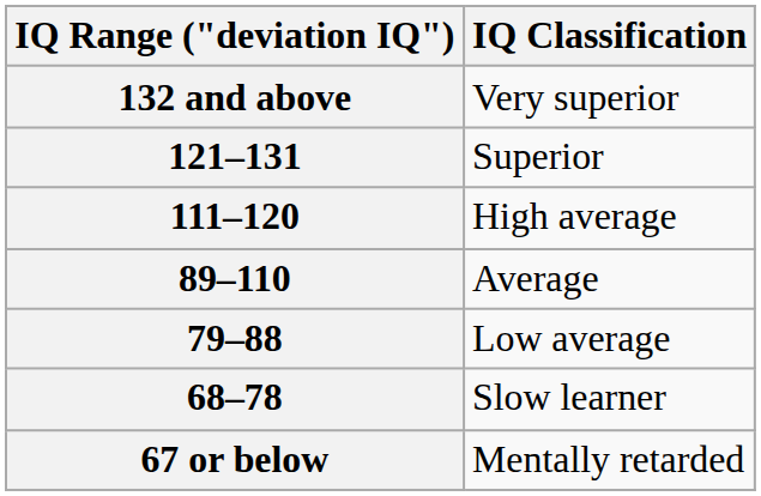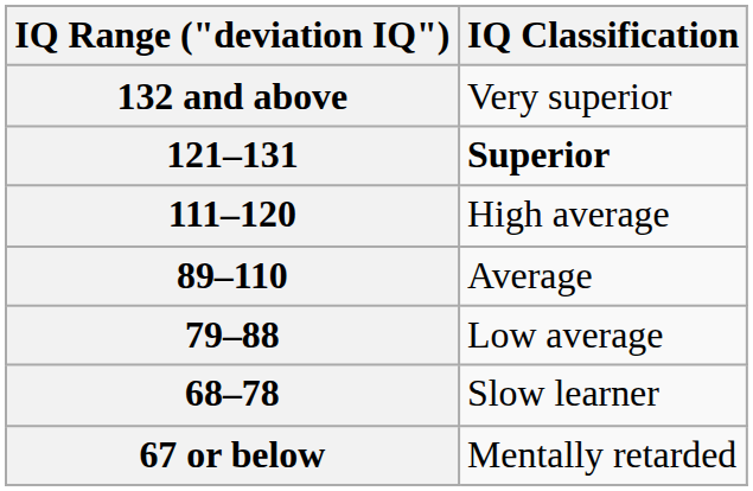 <table class="wikitable">
 <tr>
 <th>IQ Range ("deviation IQ")</th>
 <th>IQ Classification</th>
 </tr>
 <tr>
 <th>132 and above</th>
 <td>Very superior</td>
 </tr>
 <tr>
 <th>121–131</th>
-<td>Superior</td>
+<td><strong>Superior</strong></td>
 </tr>
 <tr>
 <th>111–120</th>
 <td>High average</td>
 </tr>
 <tr>
 <th>89–110</th>
 <td>Average</td>
 </tr>
 <tr>
 <th>79–88</th>
 <td>Low average</td>
 </tr>
 <tr>
 <th>68–78</th>
 <td>Slow learner</td>
 </tr>
 <tr>
 <th>67 or below</th>
 <td>Mentally retarded</td>
 </tr>
 </table>
